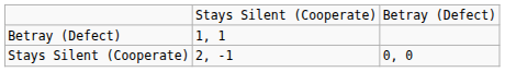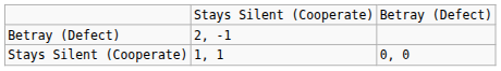 <table class="wikitable">
 <tr>
 <td></td>
 <td>Stays Silent (Cooperate)</td>
 <td>Betray (Defect)</td>
 </tr>
 <tr>
 <td>Betray (Defect)</td>
-<td>1, 1</td>
+<td>2, -1</td>
 <td></td>
 </tr>
 <tr>
 <td>Stays Silent (Cooperate)</td>
-<td>2, -1</td>
+<td>1, 1</td>
 <td>0, 0</td>
 </tr>
 </table>
